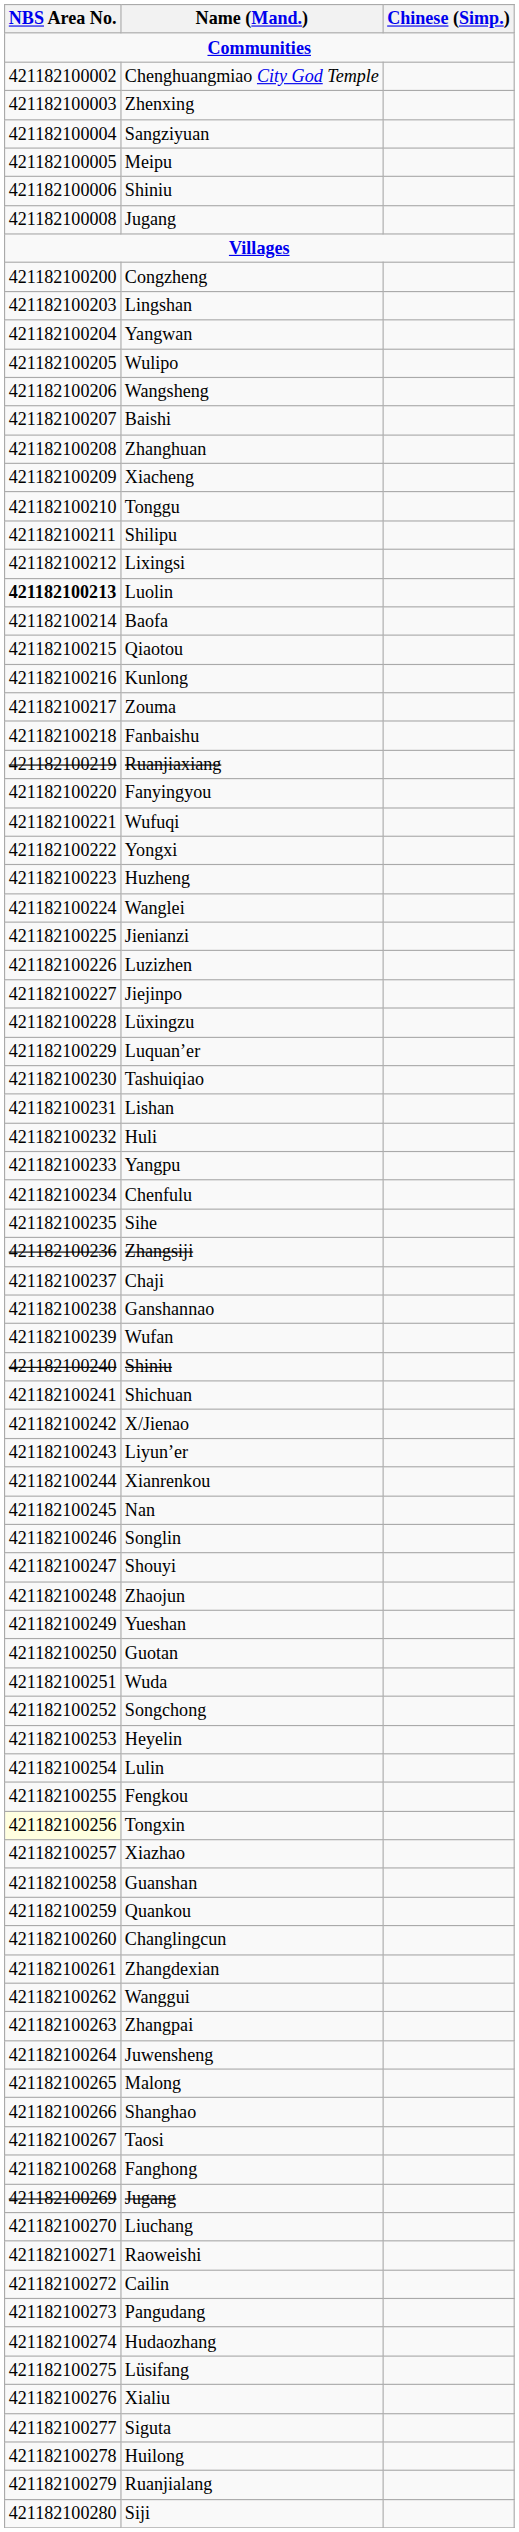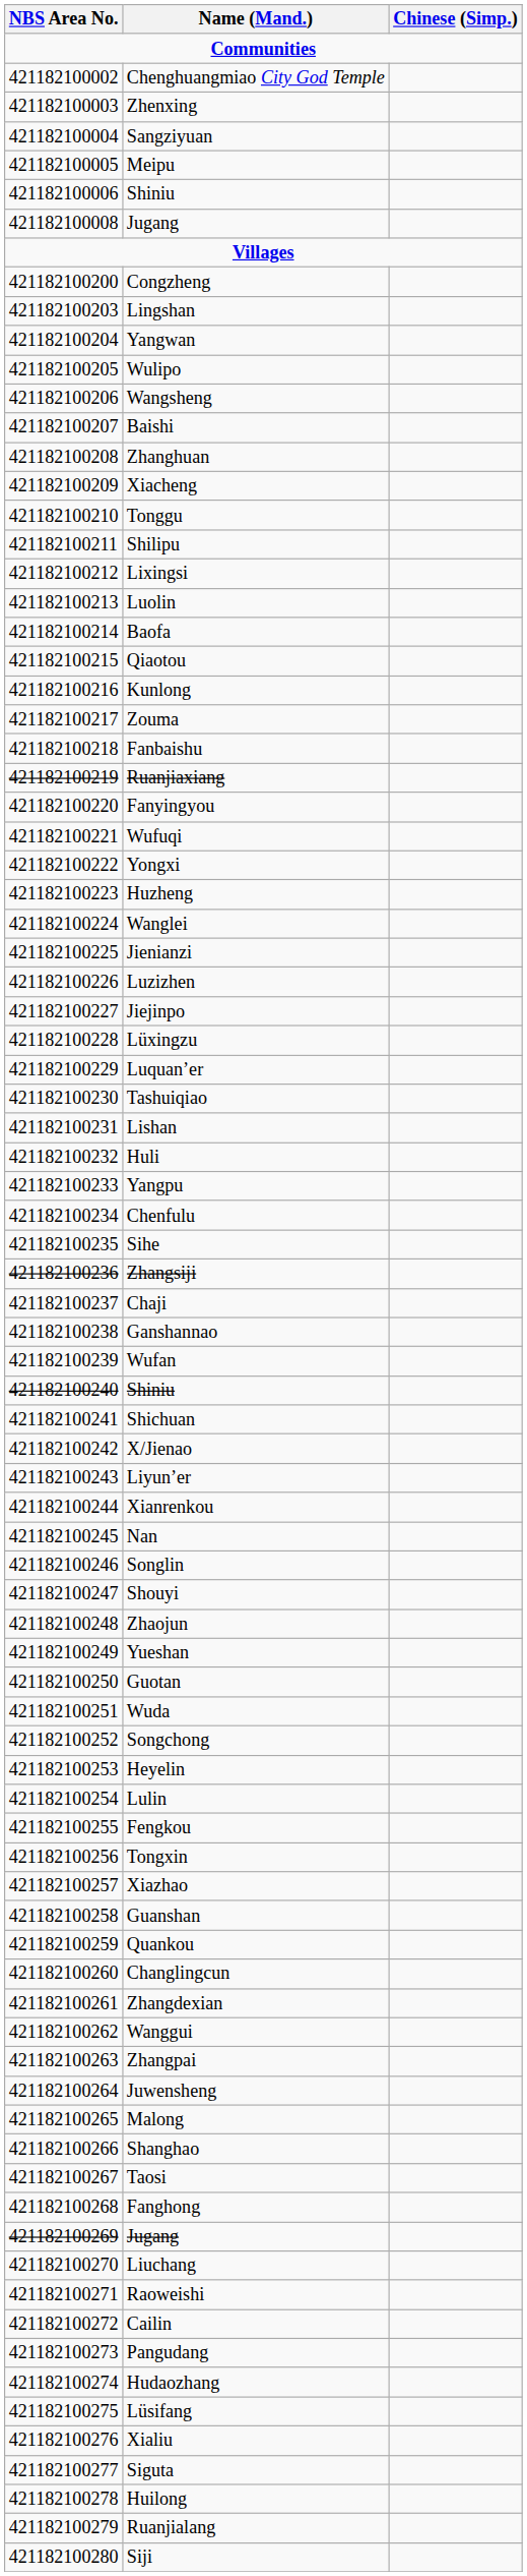 <table class="wikitable sortable">
 <tr>
 <th><a href='#'>NBS</a> Area No.</th>
 <th>Name (<a href='#'>Mand.</a>)</th>
 <th><a href='#'>Chinese</a> (<a href='#'>Simp.</a>)</th>
 </tr>
 <tr>
 <td style="text-align:center;" colspan="7"><strong><a href='#'>Communities</a></strong></td>
 </tr>
 <tr>
 <td>421182100002</td>
 <td>Chenghuangmiao <em><a href='#'>City God</a> Temple</em></td>
 <td></td>
 </tr>
 <tr>
 <td>421182100003</td>
 <td>Zhenxing</td>
 <td></td>
 </tr>
 <tr>
 <td>421182100004</td>
 <td>Sangziyuan</td>
 <td></td>
 </tr>
 <tr>
 <td>421182100005</td>
 <td>Meipu</td>
 <td></td>
 </tr>
 <tr>
 <td>421182100006</td>
 <td>Shiniu</td>
 <td></td>
 </tr>
 <tr>
 <td>421182100008</td>
 <td>Jugang</td>
 <td></td>
 </tr>
 <tr>
 <td style="text-align:center;" colspan="7"><strong><a href='#'>Villages</a></strong></td>
 </tr>
 <tr>
 <td>421182100200</td>
 <td>Congzheng</td>
 <td></td>
 </tr>
 <tr>
 <td>421182100203</td>
 <td>Lingshan</td>
 <td></td>
 </tr>
 <tr>
 <td>421182100204</td>
 <td>Yangwan</td>
 <td></td>
 </tr>
 <tr>
 <td>421182100205</td>
 <td>Wulipo</td>
 <td></td>
 </tr>
 <tr>
 <td>421182100206</td>
 <td>Wangsheng</td>
 <td></td>
 </tr>
 <tr>
 <td>421182100207</td>
 <td>Baishi</td>
 <td></td>
 </tr>
 <tr>
 <td>421182100208</td>
 <td>Zhanghuan</td>
 <td></td>
 </tr>
 <tr>
 <td>421182100209</td>
 <td>Xiacheng</td>
 <td></td>
 </tr>
 <tr>
 <td>421182100210</td>
 <td>Tonggu</td>
 <td></td>
 </tr>
 <tr>
 <td>421182100211</td>
 <td>Shilipu</td>
 <td></td>
 </tr>
 <tr>
 <td>421182100212</td>
 <td>Lixingsi</td>
 <td></td>
 </tr>
 <tr>
-<td><strong>421182100213</strong></td>
+<td>421182100213</td>
 <td>Luolin</td>
 <td></td>
 </tr>
 <tr>
 <td>421182100214</td>
 <td>Baofa</td>
 <td></td>
 </tr>
 <tr>
 <td>421182100215</td>
 <td>Qiaotou</td>
 <td></td>
 </tr>
 <tr>
 <td>421182100216</td>
 <td>Kunlong</td>
 <td></td>
 </tr>
 <tr>
 <td>421182100217</td>
 <td>Zouma</td>
 <td></td>
 </tr>
 <tr>
 <td>421182100218</td>
 <td>Fanbaishu</td>
 <td></td>
 </tr>
 <tr>
 <td><s>421182100219</s></td>
 <td><s>Ruanjiaxiang</s></td>
 <td></td>
 </tr>
 <tr>
 <td>421182100220</td>
 <td>Fanyingyou</td>
 <td></td>
 </tr>
 <tr>
 <td>421182100221</td>
 <td>Wufuqi</td>
 <td></td>
 </tr>
 <tr>
 <td>421182100222</td>
 <td>Yongxi</td>
 <td></td>
 </tr>
 <tr>
 <td>421182100223</td>
 <td>Huzheng</td>
 <td></td>
 </tr>
 <tr>
 <td>421182100224</td>
 <td>Wanglei</td>
 <td></td>
 </tr>
 <tr>
 <td>421182100225</td>
 <td>Jienianzi</td>
 <td></td>
 </tr>
 <tr>
 <td>421182100226</td>
 <td>Luzizhen</td>
 <td></td>
 </tr>
 <tr>
 <td>421182100227</td>
 <td>Jiejinpo</td>
 <td></td>
 </tr>
 <tr>
 <td>421182100228</td>
 <td>Lüxingzu</td>
 <td></td>
 </tr>
 <tr>
 <td>421182100229</td>
 <td>Luquan’er</td>
 <td></td>
 </tr>
 <tr>
 <td>421182100230</td>
 <td>Tashuiqiao</td>
 <td></td>
 </tr>
 <tr>
 <td>421182100231</td>
 <td>Lishan</td>
 <td></td>
 </tr>
 <tr>
 <td>421182100232</td>
 <td>Huli</td>
 <td></td>
 </tr>
 <tr>
 <td>421182100233</td>
 <td>Yangpu</td>
 <td></td>
 </tr>
 <tr>
 <td>421182100234</td>
 <td>Chenfulu</td>
 <td></td>
 </tr>
 <tr>
 <td>421182100235</td>
 <td>Sihe</td>
 <td></td>
 </tr>
 <tr>
 <td><s>421182100236</s></td>
 <td><s>Zhangsiji</s></td>
 <td></td>
 </tr>
 <tr>
 <td>421182100237</td>
 <td>Chaji</td>
 <td></td>
 </tr>
 <tr>
 <td>421182100238</td>
 <td>Ganshannao</td>
 <td></td>
 </tr>
 <tr>
 <td>421182100239</td>
 <td>Wufan</td>
 <td></td>
 </tr>
 <tr>
 <td><s>421182100240</s></td>
 <td><s>Shiniu</s></td>
 <td></td>
 </tr>
 <tr>
 <td>421182100241</td>
 <td>Shichuan</td>
 <td></td>
 </tr>
 <tr>
 <td>421182100242</td>
 <td>X/Jienao</td>
 <td></td>
 </tr>
 <tr>
 <td>421182100243</td>
 <td>Liyun’er</td>
 <td></td>
 </tr>
 <tr>
 <td>421182100244</td>
 <td>Xianrenkou</td>
 <td></td>
 </tr>
 <tr>
 <td>421182100245</td>
 <td>Nan</td>
 <td></td>
 </tr>
 <tr>
 <td>421182100246</td>
 <td>Songlin</td>
 <td></td>
 </tr>
 <tr>
 <td>421182100247</td>
 <td>Shouyi</td>
 <td></td>
 </tr>
 <tr>
 <td>421182100248</td>
 <td>Zhaojun</td>
 <td></td>
 </tr>
 <tr>
 <td>421182100249</td>
 <td>Yueshan</td>
 <td></td>
 </tr>
 <tr>
 <td>421182100250</td>
 <td>Guotan</td>
 <td></td>
 </tr>
 <tr>
 <td>421182100251</td>
 <td>Wuda</td>
 <td></td>
 </tr>
 <tr>
 <td>421182100252</td>
 <td>Songchong</td>
 <td></td>
 </tr>
 <tr>
 <td>421182100253</td>
 <td>Heyelin</td>
 <td></td>
 </tr>
 <tr>
 <td>421182100254</td>
 <td>Lulin</td>
 <td></td>
 </tr>
 <tr>
 <td>421182100255</td>
 <td>Fengkou</td>
 <td></td>
 </tr>
 <tr>
-<td style="background: lightyellow;">421182100256</td>
+<td>421182100256</td>
 <td>Tongxin</td>
 <td></td>
 </tr>
 <tr>
 <td>421182100257</td>
 <td>Xiazhao</td>
 <td></td>
 </tr>
 <tr>
 <td>421182100258</td>
 <td>Guanshan</td>
 <td></td>
 </tr>
 <tr>
 <td>421182100259</td>
 <td>Quankou</td>
 <td></td>
 </tr>
 <tr>
 <td>421182100260</td>
 <td>Changlingcun</td>
 <td></td>
 </tr>
 <tr>
 <td>421182100261</td>
 <td>Zhangdexian</td>
 <td></td>
 </tr>
 <tr>
 <td>421182100262</td>
 <td>Wanggui</td>
 <td></td>
 </tr>
 <tr>
 <td>421182100263</td>
 <td>Zhangpai</td>
 <td></td>
 </tr>
 <tr>
 <td>421182100264</td>
 <td>Juwensheng</td>
 <td></td>
 </tr>
 <tr>
 <td>421182100265</td>
 <td>Malong</td>
 <td></td>
 </tr>
 <tr>
 <td>421182100266</td>
 <td>Shanghao</td>
 <td></td>
 </tr>
 <tr>
 <td>421182100267</td>
 <td>Taosi</td>
 <td></td>
 </tr>
 <tr>
 <td>421182100268</td>
 <td>Fanghong</td>
 <td></td>
 </tr>
 <tr>
 <td><s>421182100269</s></td>
 <td><s>Jugang</s></td>
 <td></td>
 </tr>
 <tr>
 <td>421182100270</td>
 <td>Liuchang</td>
 <td></td>
 </tr>
 <tr>
 <td>421182100271</td>
 <td>Raoweishi</td>
 <td></td>
 </tr>
 <tr>
 <td>421182100272</td>
 <td>Cailin</td>
 <td></td>
 </tr>
 <tr>
 <td>421182100273</td>
 <td>Pangudang</td>
 <td></td>
 </tr>
 <tr>
 <td>421182100274</td>
 <td>Hudaozhang</td>
 <td></td>
 </tr>
 <tr>
 <td>421182100275</td>
 <td>Lüsifang</td>
 <td></td>
 </tr>
 <tr>
 <td>421182100276</td>
 <td>Xialiu</td>
 <td></td>
 </tr>
 <tr>
 <td>421182100277</td>
 <td>Siguta</td>
 <td></td>
 </tr>
 <tr>
 <td>421182100278</td>
 <td>Huilong</td>
 <td></td>
 </tr>
 <tr>
 <td>421182100279</td>
 <td>Ruanjialang</td>
 <td></td>
 </tr>
 <tr>
 <td>421182100280</td>
 <td>Siji</td>
 <td></td>
 </tr>
 </table>
